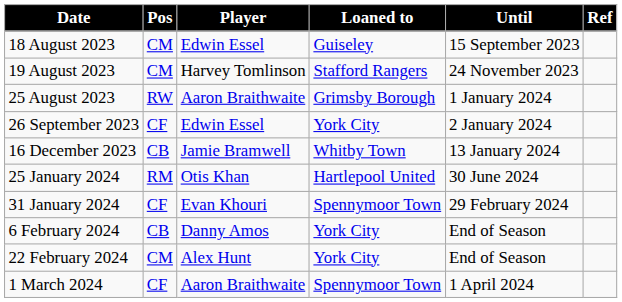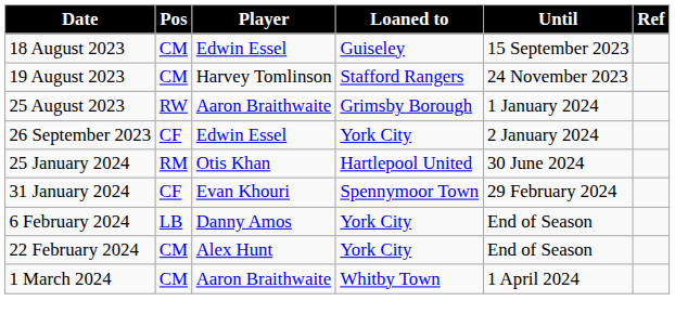 <table class="wikitable plainrowheaders sortable">
 <tr>
 <th style="background:black; color:#FFFFFF;">Date</th>
 <th style="background:black; color:#FFFFFF;">Pos</th>
 <th style="background:black; color:#FFFFFF;">Player</th>
 <th style="background:black; color:#FFFFFF;">Loaned to</th>
 <th style="background:black; color:#FFFFFF;">Until</th>
 <th style="background:black; color:#FFFFFF;">Ref</th>
 </tr>
 <tr>
 <td>18 August 2023</td>
 <td><a href='#'>CM</a></td>
 <td> <a href='#'>Edwin Essel</a></td>
 <td> <a href='#'>Guiseley</a></td>
 <td>15 September 2023</td>
 <td></td>
 </tr>
 <tr>
 <td>19 August 2023</td>
 <td><a href='#'>CM</a></td>
 <td> Harvey Tomlinson</td>
 <td> <a href='#'>Stafford Rangers</a></td>
 <td>24 November 2023</td>
 <td></td>
 </tr>
 <tr>
 <td>25 August 2023</td>
 <td><a href='#'>RW</a></td>
 <td> <a href='#'>Aaron Braithwaite</a></td>
 <td> <a href='#'>Grimsby Borough</a></td>
 <td>1 January 2024</td>
 <td></td>
 </tr>
 <tr>
 <td>26 September 2023</td>
 <td><a href='#'>CF</a></td>
 <td> <a href='#'>Edwin Essel</a></td>
 <td> <a href='#'>York City</a></td>
 <td>2 January 2024</td>
 <td></td>
 </tr>
 <tr>
-<td>16 December 2023</td>
-<td><a href='#'>CB</a></td>
-<td> <a href='#'>Jamie Bramwell</a></td>
-<td> <a href='#'>Whitby Town</a></td>
-<td>13 January 2024</td>
-<td></td>
-</tr>
-<tr>
 <td>25 January 2024</td>
 <td><a href='#'>RM</a></td>
 <td> <a href='#'>Otis Khan</a></td>
 <td> <a href='#'>Hartlepool United</a></td>
 <td>30 June 2024</td>
 <td></td>
 </tr>
 <tr>
 <td>31 January 2024</td>
 <td><a href='#'>CF</a></td>
 <td> <a href='#'>Evan Khouri</a></td>
 <td> <a href='#'>Spennymoor Town</a></td>
 <td>29 February 2024</td>
 <td></td>
 </tr>
 <tr>
 <td>6 February 2024</td>
-<td><a href='#'>CB</a></td>
+<td><a href='#'>LB</a></td>
 <td> <a href='#'>Danny Amos</a></td>
 <td> <a href='#'>York City</a></td>
 <td>End of Season</td>
 <td></td>
 </tr>
 <tr>
 <td>22 February 2024</td>
 <td><a href='#'>CM</a></td>
 <td> <a href='#'>Alex Hunt</a></td>
 <td> <a href='#'>York City</a></td>
 <td>End of Season</td>
 <td></td>
 </tr>
 <tr>
 <td>1 March 2024</td>
-<td><a href='#'>CF</a></td>
+<td><a href='#'>CM</a></td>
 <td> <a href='#'>Aaron Braithwaite</a></td>
-<td> <a href='#'>Spennymoor Town</a></td>
+<td> <a href='#'>Whitby Town</a></td>
 <td>1 April 2024</td>
 <td></td>
 </tr>
 </table>
